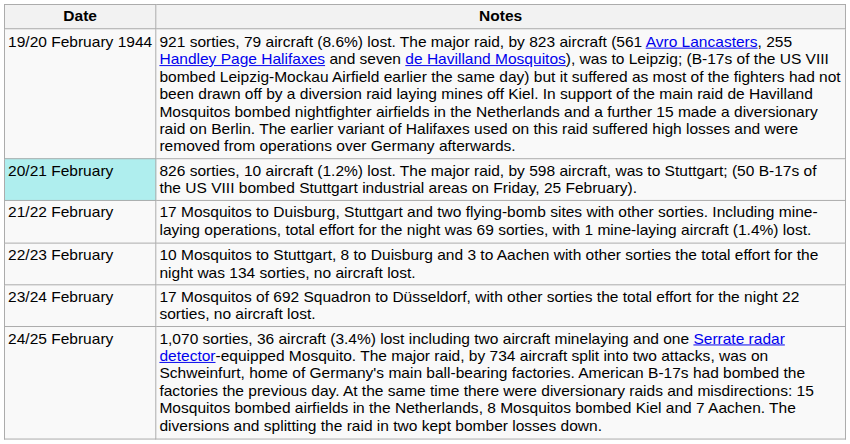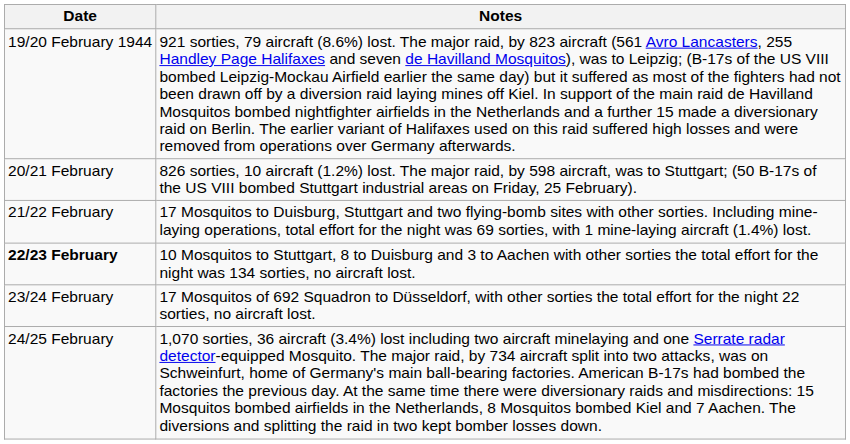 <table class="wikitable">
 <tr>
 <th width=18%>Date</th>
 <th>Notes</th>
 </tr>
 <tr style="vertical-align: top;">
 <td>19/20 February 1944</td>
 <td>921 sorties, 79 aircraft (8.6%) lost. The major raid, by 823 aircraft (561 <a href='#'>Avro Lancasters</a>, 255 <a href='#'>Handley Page Halifaxes</a> and seven <a href='#'>de Havilland Mosquitos</a>), was to Leipzig; (B-17s of the US VIII bombed Leipzig-Mockau Airfield earlier the same day) but it suffered as most of the fighters had not been drawn off by a diversion raid laying mines off Kiel. In support of the main raid de Havilland Mosquitos bombed nightfighter airfields in the Netherlands and a further 15 made a diversionary raid on Berlin.  The earlier variant of Halifaxes used on this raid suffered high losses and were removed from operations over Germany afterwards.</td>
 </tr>
 <tr style="vertical-align: top;">
-<td style="background: paleturquoise;">20/21 February</td>
+<td>20/21 February</td>
 <td>826 sorties, 10 aircraft (1.2%) lost. The major raid, by 598 aircraft, was to Stuttgart; (50 B-17s of the US VIII bombed Stuttgart industrial areas on Friday, 25 February).</td>
 </tr>
 <tr style="vertical-align: top;">
 <td>21/22 February</td>
 <td>17 Mosquitos to Duisburg, Stuttgart and two flying-bomb sites with other sorties. Including mine-laying operations, total effort for the night was 69 sorties, with 1 mine-laying aircraft (1.4%) lost.</td>
 </tr>
 <tr style="vertical-align: top;">
-<td>22/23 February</td>
+<td><strong>22/23 February</strong></td>
 <td>10 Mosquitos to Stuttgart, 8 to Duisburg and 3 to Aachen with other sorties the total effort for the night was 134 sorties, no aircraft lost.</td>
 </tr>
 <tr style="vertical-align: top;">
 <td>23/24 February</td>
 <td>17 Mosquitos of 692 Squadron to Düsseldorf, with other sorties the total effort for the night 22 sorties, no aircraft lost.</td>
 </tr>
 <tr style="vertical-align: top;">
 <td>24/25 February</td>
 <td>1,070 sorties, 36 aircraft (3.4%) lost including two aircraft minelaying and one <a href='#'>Serrate radar detector</a>-equipped Mosquito. The major raid, by 734 aircraft split into two attacks, was on Schweinfurt, home of Germany's main ball-bearing factories. American B-17s had bombed the factories the previous day.  At the same time there were diversionary raids and misdirections: 15 Mosquitos bombed airfields in the Netherlands, 8 Mosquitos bombed Kiel and 7 Aachen. The diversions and splitting the raid in two kept bomber losses down.</td>
 </tr>
 </table>
